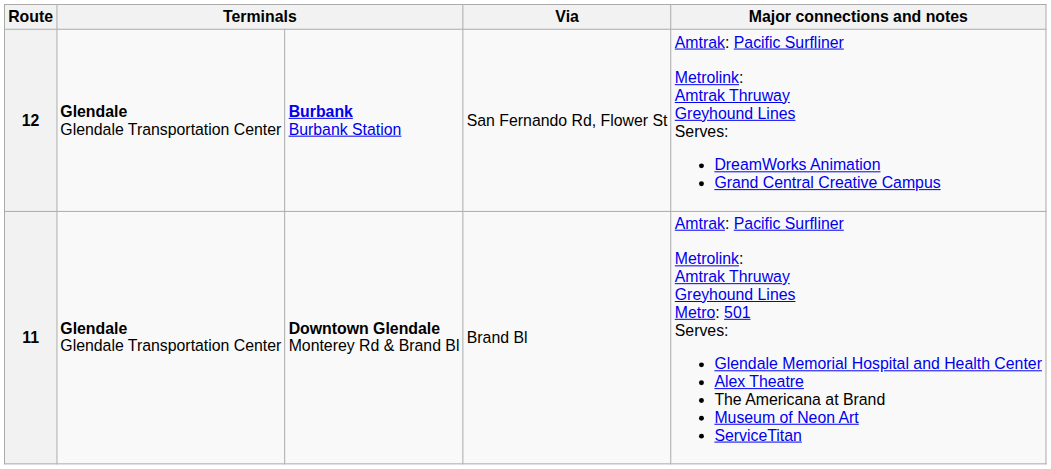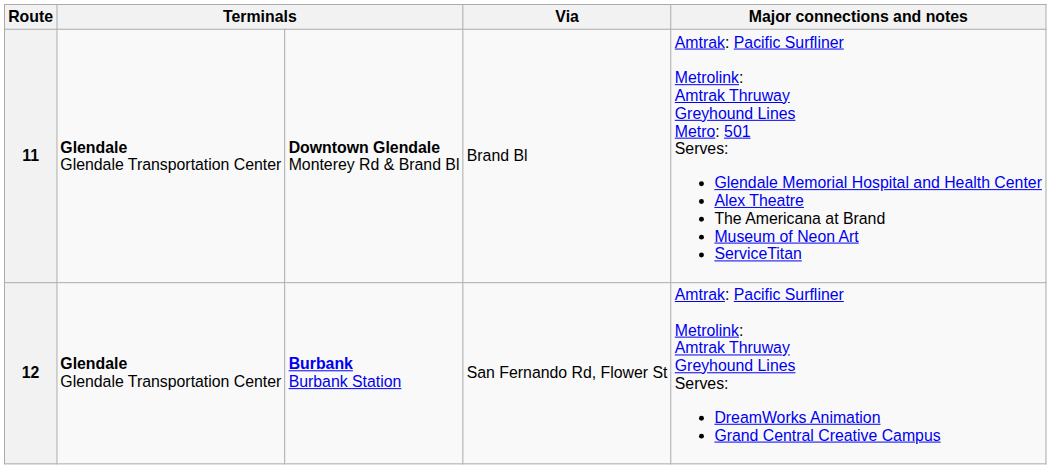 <table class="wikitable">
 <tr>
 <th>Route</th>
 <th colspan="2">Terminals</th>
 <th>Via</th>
 <th>Major connections and notes</th>
 </tr>
 <tr>
+<th>11</th>
+<td><strong>Glendale</strong> <br>Glendale Transportation Center</td>
+<td><strong>Downtown Glendale</strong> <br>Monterey Rd & Brand Bl</td>
+<td>Brand Bl</td>
+<td><a href='#'>Amtrak</a>: <a href='#'>Pacific Surfliner</a><br><br> <a href='#'>Metrolink</a>:  <br> <a href='#'>Amtrak Thruway</a><br> <a href='#'>Greyhound Lines</a><br>  <a href='#'>Metro</a>: <a href='#'>501</a><br> Serves:<ul><li><a href='#'>Glendale Memorial Hospital and Health Center</a></li><li><a href='#'>Alex Theatre</a></li><li>The Americana at Brand</li><li><a href='#'>Museum of Neon Art</a></li><li><a href='#'>ServiceTitan</a></li></ul></td>
+</tr>
+<tr>
 <th>12</th>
 <td><strong>Glendale</strong> <br>Glendale Transportation Center</td>
 <td><strong><a href='#'>Burbank</a></strong> <br><a href='#'>Burbank Station</a></td>
 <td>San Fernando Rd, Flower St</td>
 <td><a href='#'>Amtrak</a>: <a href='#'>Pacific Surfliner</a><br><br> <a href='#'>Metrolink</a>:  <br> <a href='#'>Amtrak Thruway</a><br> <a href='#'>Greyhound Lines</a><br> Serves:<ul><li><a href='#'>DreamWorks Animation</a></li><li><a href='#'>Grand Central Creative Campus</a></li></ul></td>
 </tr>
-<tr>
-<th>11</th>
-<td><strong>Glendale</strong> <br>Glendale Transportation Center</td>
-<td><strong>Downtown Glendale</strong> <br>Monterey Rd & Brand Bl</td>
-<td>Brand Bl</td>
-<td><a href='#'>Amtrak</a>: <a href='#'>Pacific Surfliner</a><br><br> <a href='#'>Metrolink</a>:  <br> <a href='#'>Amtrak Thruway</a><br> <a href='#'>Greyhound Lines</a><br>  <a href='#'>Metro</a>: <a href='#'>501</a><br> Serves:<ul><li><a href='#'>Glendale Memorial Hospital and Health Center</a></li><li><a href='#'>Alex Theatre</a></li><li>The Americana at Brand</li><li><a href='#'>Museum of Neon Art</a></li><li><a href='#'>ServiceTitan</a></li></ul></td>
-</tr>
 </table>
